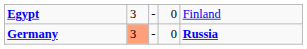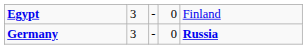 <table class="wikitable">
 <tr>
 <td width=150> <strong><a href='#'>Egypt</a></strong></td>
 <td style="width:20px; text-align:left;">3</td>
 <td>-</td>
 <td style="width:20px; text-align:right;">0</td>
 <td width=150> <a href='#'>Finland</a></td>
 </tr>
 <tr>
 <td> <strong><a href='#'>Germany</a></strong></td>
-<td style="background: lightsalmon; text-align:left;">3</td>
+<td style="text-align:left;">3</td>
 <td>-</td>
 <td style="text-align:right;">0</td>
 <td><strong> <a href='#'>Russia</a></strong></td>
 </tr>
 </table>
